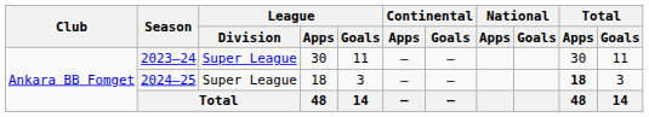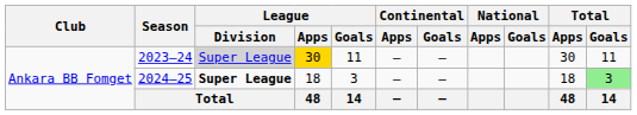 <table class="wikitable" style="text-align: center;">
 <tr>
 <th rowspan=2>Club</th>
 <th rowspan=2>Season</th>
 <th colspan=3>League</th>
 <th colspan=2>Continental</th>
 <th colspan=2>National</th>
 <th colspan=2>Total</th>
 </tr>
 <tr>
 <th>Division</th>
 <th>Apps</th>
 <th>Goals</th>
 <th>Apps</th>
 <th>Goals</th>
 <th>Apps</th>
 <th>Goals</th>
 <th>Apps</th>
 <th>Goals</th>
 </tr>
 <tr>
 <td rowspan=5><a href='#'>Ankara BB Fomget</a></td>
 <td><a href='#'>2023–24</a></td>
-<td><a href='#'>Super League</a></td>
-<td>30</td>
+<td style="background: lightgrey;"><a href='#'>Super League</a></td>
+<td style="background: gold;">30</td>
 <td>11</td>
 <td>–</td>
 <td>–</td>
 <td></td>
 <td></td>
 <td>30</td>
 <td>11</td>
 </tr>
 <tr>
 <td><a href='#'>2024–25</a></td>
-<td>Super League</td>
+<td><strong>Super League</strong></td>
 <td>18</td>
 <td>3</td>
 <td>–</td>
 <td>–</td>
 <td></td>
 <td></td>
-<td><strong>18</strong></td>
-<td>3</td>
+<td>18</td>
+<td style="background: lightgreen;">3</td>
 </tr>
 <tr>
 <th colspan=2>Total</th>
 <th>48</th>
 <th>14</th>
 <th>–</th>
 <th>–</th>
 <th></th>
 <th></th>
 <th>48</th>
 <th>14</th>
 </tr>
 </table>
